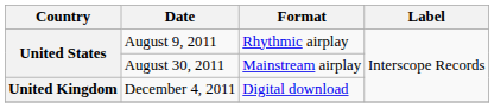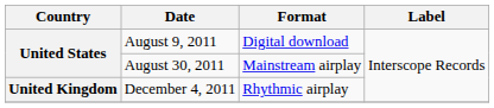 <table class="wikitable plainrowheaders">
 <tr>
 <th scope="col">Country</th>
 <th scope="col">Date</th>
 <th scope="col">Format</th>
 <th scope="col">Label</th>
 </tr>
 <tr>
 <th scope="row" rowspan="2">United States</th>
 <td>August 9, 2011</td>
-<td><a href='#'>Rhythmic</a> airplay</td>
+<td><a href='#'>Digital download</a></td>
 <td rowspan="3">Interscope Records</td>
 </tr>
 <tr>
 <td>August 30, 2011</td>
 <td><a href='#'>Mainstream</a> airplay</td>
 </tr>
 <tr>
 <th scope="row">United Kingdom</th>
 <td>December 4, 2011</td>
-<td><a href='#'>Digital download</a></td>
+<td><a href='#'>Rhythmic</a> airplay</td>
 </tr>
 <tr>
 </tr>
 </table>
